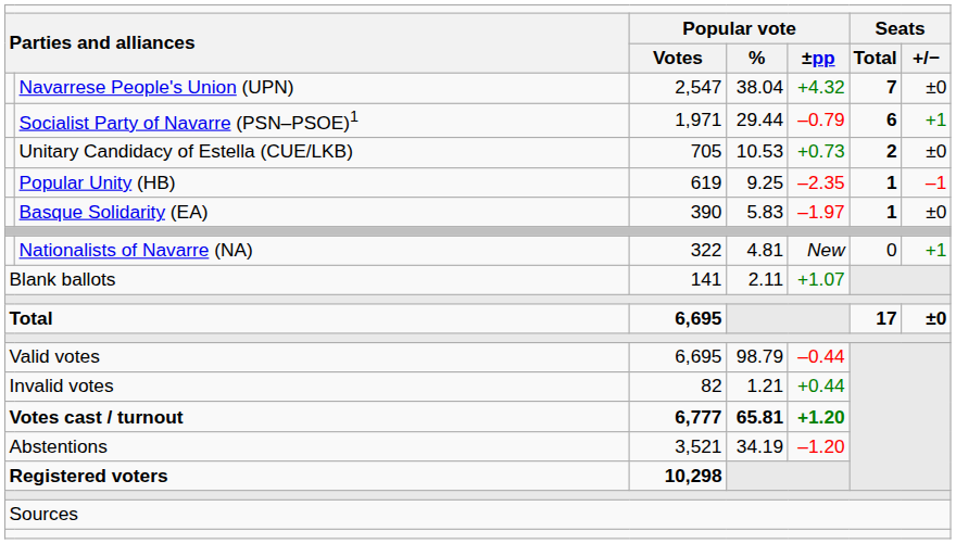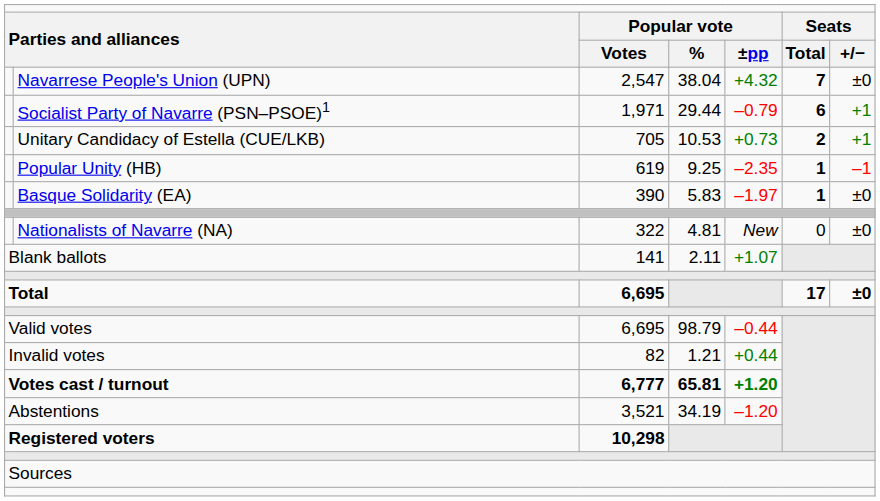 <table class="wikitable" style="text-align:right;">
 <tr>
 <td colspan="7"></td>
 </tr>
 <tr>
 <th style="text-align:left;" rowspan="2" colspan="2" width="525">Parties and alliances</th>
 <th colspan="3">Popular vote</th>
 <th colspan="2">Seats</th>
 </tr>
 <tr>
 <th width="75">Votes</th>
 <th width="45">%</th>
 <th width="45">±<a href='#'>pp</a></th>
 <th width="35">Total</th>
 <th width="35">+/−</th>
 </tr>
 <tr>
 <td width="1" style="color:inherit;background:"></td>
 <td align="left"><a href='#'>Navarrese People's Union</a> (UPN)</td>
 <td>2,547</td>
 <td>38.04</td>
 <td style="color:green;">+4.32</td>
 <td><strong>7</strong></td>
 <td>±0</td>
 </tr>
 <tr>
 <td style="color:inherit;background:"></td>
 <td align="left"><a href='#'>Socialist Party of Navarre</a> (PSN–PSOE)<sup>1</sup></td>
 <td>1,971</td>
 <td>29.44</td>
 <td style="color:red;">–0.79</td>
 <td><strong>6</strong></td>
 <td style="color:green;">+1</td>
 </tr>
 <tr>
 <td style="color:inherit;background:"></td>
 <td align="left">Unitary Candidacy of Estella (CUE/LKB)</td>
 <td>705</td>
 <td>10.53</td>
 <td style="color:green;">+0.73</td>
 <td><strong>2</strong></td>
-<td>±0</td>
+<td style="color:green;">+1</td>
 </tr>
 <tr>
 <td style="color:inherit;background:"></td>
 <td align="left"><a href='#'>Popular Unity</a> (HB)</td>
 <td>619</td>
 <td>9.25</td>
 <td style="color:red;">–2.35</td>
 <td><strong>1</strong></td>
 <td style="color:red;">–1</td>
 </tr>
 <tr>
 <td style="color:inherit;background:"></td>
 <td align="left"><a href='#'>Basque Solidarity</a> (EA)</td>
 <td>390</td>
 <td>5.83</td>
 <td style="color:red;">–1.97</td>
 <td><strong>1</strong></td>
 <td>±0</td>
 </tr>
 <tr>
 <td colspan="7" bgcolor="#C0C0C0"></td>
 </tr>
 <tr>
 <td style="color:inherit;background:"></td>
 <td align="left"><a href='#'>Nationalists of Navarre</a> (NA)</td>
 <td>322</td>
 <td>4.81</td>
 <td><em>New</em></td>
 <td>0</td>
-<td style="color:green;">+1</td>
+<td>±0</td>
 </tr>
 <tr>
 <td align="left" colspan="2">Blank ballots</td>
 <td>141</td>
 <td>2.11</td>
 <td style="color:green;">+1.07</td>
 <td bgcolor="#E9E9E9" colspan="2"></td>
 </tr>
 <tr>
 <td colspan="7" bgcolor="#E9E9E9"></td>
 </tr>
 <tr style="font-weight:bold;">
 <td align="left" colspan="2">Total</td>
 <td>6,695</td>
 <td bgcolor="#E9E9E9" colspan="2"></td>
 <td>17</td>
 <td>±0</td>
 </tr>
 <tr>
 <td colspan="7" bgcolor="#E9E9E9"></td>
 </tr>
 <tr>
 <td align="left" colspan="2">Valid votes</td>
 <td>6,695</td>
 <td>98.79</td>
 <td style="color:red;">–0.44</td>
 <td bgcolor="#E9E9E9" colspan="2" rowspan="5"></td>
 </tr>
 <tr>
 <td align="left" colspan="2">Invalid votes</td>
 <td>82</td>
 <td>1.21</td>
 <td style="color:green;">+0.44</td>
 </tr>
 <tr style="font-weight:bold;">
 <td align="left" colspan="2">Votes cast / turnout</td>
 <td>6,777</td>
 <td>65.81</td>
 <td style="color:green;">+1.20</td>
 </tr>
 <tr>
 <td align="left" colspan="2">Abstentions</td>
 <td>3,521</td>
 <td>34.19</td>
 <td style="color:red;">–1.20</td>
 </tr>
 <tr style="font-weight:bold;">
 <td align="left" colspan="2">Registered voters</td>
 <td>10,298</td>
 <td bgcolor="#E9E9E9" colspan="2"></td>
 </tr>
 <tr>
 <td colspan="7" bgcolor="#E9E9E9"></td>
 </tr>
 <tr>
 <td align="left" colspan="7">Sources</td>
 </tr>
 <tr>
 <td colspan="7" style="text-align:left; max-width:790px;"></td>
 </tr>
 </table>
